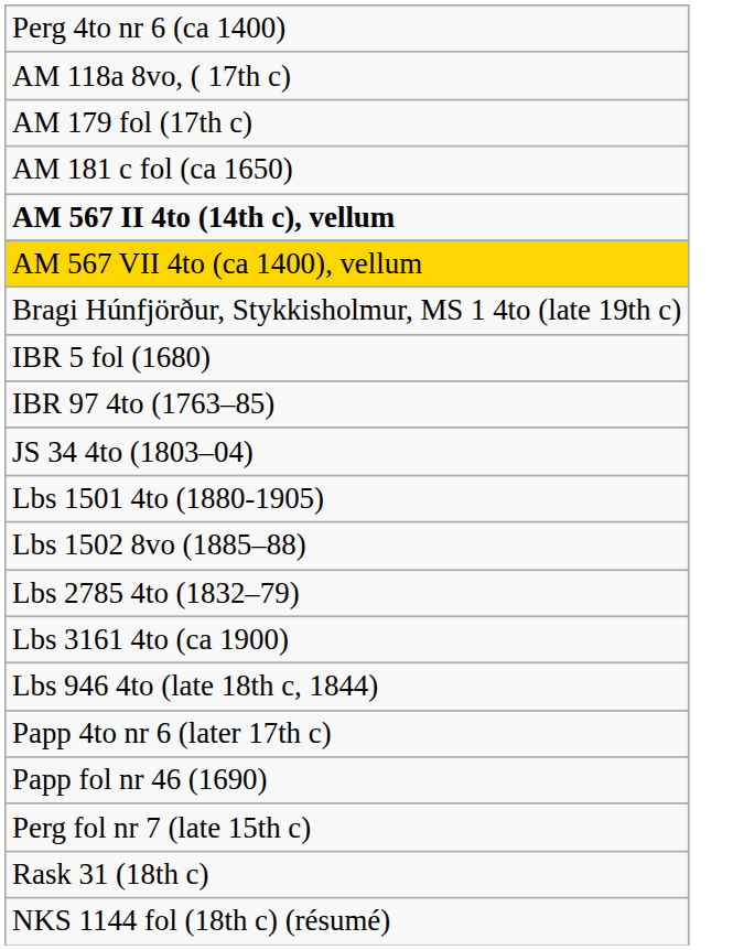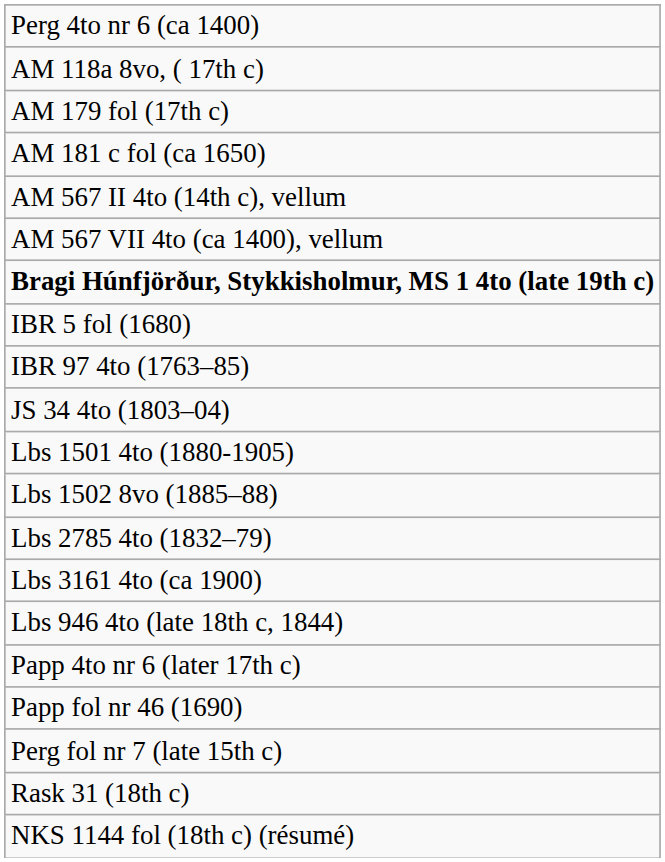 <table class="wikitable">
 <tr>
 <td>Perg 4to nr 6 (ca 1400)</td>
 </tr>
 <tr>
 <td>AM 118a 8vo, ( 17th c)</td>
 </tr>
 <tr>
 <td>AM 179 fol (17th c)</td>
 </tr>
 <tr>
 <td>AM 181 c fol (ca 1650)</td>
 </tr>
 <tr>
-<td><strong>AM 567 II 4to (14th c), vellum</strong></td>
+<td>AM 567 II 4to (14th c), vellum</td>
 </tr>
 <tr>
-<td style="background: gold;">AM 567 VII 4to (ca 1400), vellum</td>
+<td>AM 567 VII 4to (ca 1400), vellum</td>
 </tr>
 <tr>
-<td>Bragi Húnfjörður, Stykkisholmur, MS 1 4to (late 19th c)</td>
+<td><strong>Bragi Húnfjörður, Stykkisholmur, MS 1 4to (late 19th c)</strong></td>
 </tr>
 <tr>
 <td>IBR 5 fol (1680)</td>
 </tr>
 <tr>
 <td>IBR 97 4to (1763–85)</td>
 </tr>
 <tr>
 <td>JS 34 4to (1803–04)</td>
 </tr>
 <tr>
 <td>Lbs 1501 4to (1880-1905)</td>
 </tr>
 <tr>
 <td>Lbs 1502 8vo (1885–88)</td>
 </tr>
 <tr>
 <td>Lbs 2785 4to (1832–79)</td>
 </tr>
 <tr>
 <td>Lbs 3161 4to (ca 1900)</td>
 </tr>
 <tr>
 <td>Lbs 946 4to (late 18th c, 1844)</td>
 </tr>
 <tr>
 <td>Papp 4to nr 6 (later 17th c)</td>
 </tr>
 <tr>
 <td>Papp fol nr 46 (1690)</td>
 </tr>
 <tr>
 <td>Perg fol nr 7 (late 15th c)</td>
 </tr>
 <tr>
 <td>Rask 31 (18th c)</td>
 </tr>
 <tr>
 <td>NKS 1144 fol (18th c) (résumé)</td>
 </tr>
 </table>
